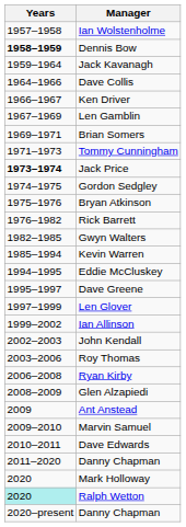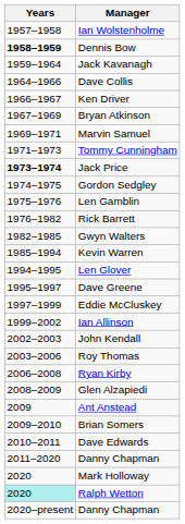 <table class=wikitable>
 <tr>
 <th>Years</th>
 <th>Manager</th>
 </tr>
 <tr>
 <td>1957–1958</td>
 <td><a href='#'>Ian Wolstenholme</a></td>
 </tr>
 <tr>
 <td><strong>1958–1959</strong></td>
 <td>Dennis Bow</td>
 </tr>
 <tr>
 <td>1959–1964</td>
 <td>Jack Kavanagh</td>
 </tr>
 <tr>
 <td>1964–1966</td>
 <td>Dave Collis</td>
 </tr>
 <tr>
 <td>1966–1967</td>
 <td>Ken Driver</td>
 </tr>
 <tr>
 <td>1967–1969</td>
-<td>Len Gamblin</td>
+<td>Bryan Atkinson</td>
 </tr>
 <tr>
 <td>1969–1971</td>
-<td>Brian Somers</td>
+<td>Marvin Samuel</td>
 </tr>
 <tr>
 <td>1971–1973</td>
 <td><a href='#'>Tommy Cunningham</a></td>
 </tr>
 <tr>
 <td><strong>1973–1974</strong></td>
 <td>Jack Price</td>
 </tr>
 <tr>
 <td>1974–1975</td>
 <td>Gordon Sedgley</td>
 </tr>
 <tr>
 <td>1975–1976</td>
-<td>Bryan Atkinson</td>
+<td>Len Gamblin</td>
 </tr>
 <tr>
 <td>1976–1982</td>
 <td>Rick Barrett</td>
 </tr>
 <tr>
 <td>1982–1985</td>
 <td>Gwyn Walters</td>
 </tr>
 <tr>
 <td>1985–1994</td>
 <td>Kevin Warren</td>
 </tr>
 <tr>
 <td>1994–1995</td>
-<td>Eddie McCluskey</td>
+<td><a href='#'>Len Glover</a></td>
 </tr>
 <tr>
 <td>1995–1997</td>
 <td>Dave Greene</td>
 </tr>
 <tr>
 <td>1997–1999</td>
-<td><a href='#'>Len Glover</a></td>
+<td>Eddie McCluskey</td>
 </tr>
 <tr>
 <td>1999–2002</td>
 <td><a href='#'>Ian Allinson</a></td>
 </tr>
 <tr>
 <td>2002–2003</td>
 <td>John Kendall</td>
 </tr>
 <tr>
 <td>2003–2006</td>
 <td>Roy Thomas</td>
 </tr>
 <tr>
 <td>2006–2008</td>
 <td><a href='#'>Ryan Kirby</a></td>
 </tr>
 <tr>
 <td>2008–2009</td>
 <td>Glen Alzapiedi</td>
 </tr>
 <tr>
 <td>2009</td>
 <td><a href='#'>Ant Anstead</a></td>
 </tr>
 <tr>
 <td>2009–2010</td>
-<td>Marvin Samuel</td>
+<td>Brian Somers</td>
 </tr>
 <tr>
 <td>2010–2011</td>
 <td>Dave Edwards</td>
 </tr>
 <tr>
 <td>2011–2020</td>
 <td>Danny Chapman</td>
 </tr>
 <tr>
 <td>2020</td>
 <td>Mark Holloway</td>
 </tr>
 <tr>
 <td style="background: paleturquoise;">2020</td>
 <td><a href='#'>Ralph Wetton</a></td>
 </tr>
 <tr>
 <td>2020–present</td>
 <td>Danny Chapman</td>
 </tr>
 </table>
